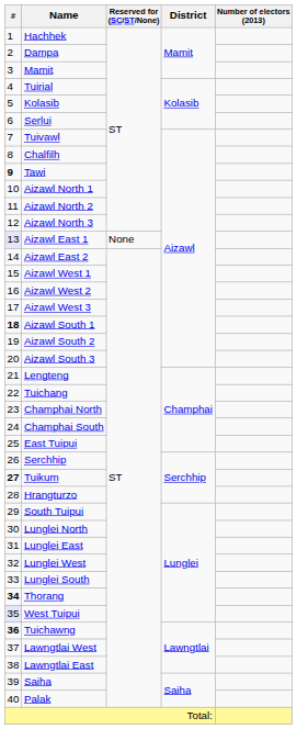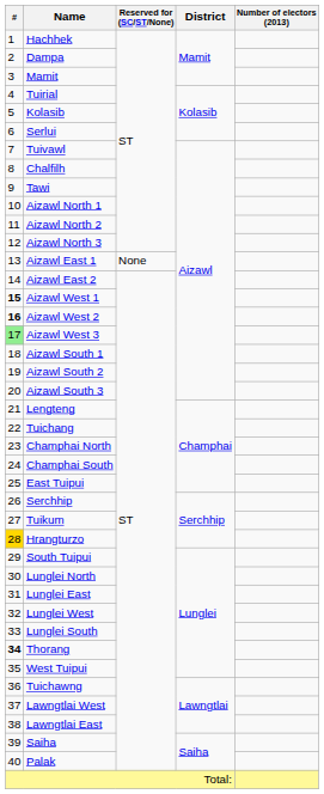 <table class="wikitable sortable collapsible collapsed">
 <tr>
 <th style="font-size:75%">#</th>
 <th>Name</th>
 <th style="font-size:75%">Reserved for<br>(<a href='#'>SC</a>/<a href='#'>ST</a>/None)</th>
 <th>District</th>
 <th style="font-size:75%">Number of electors<br>(2013)</th>
 </tr>
 <tr>
 <td>1</td>
 <td><a href='#'>Hachhek</a></td>
 <td rowspan="12">ST</td>
 <td rowspan="3"><a href='#'>Mamit</a></td>
 <td></td>
 </tr>
 <tr>
 <td>2</td>
 <td><a href='#'>Dampa</a></td>
 <td></td>
 </tr>
 <tr>
 <td>3</td>
 <td><a href='#'>Mamit</a></td>
 <td></td>
 </tr>
 <tr>
 <td>4</td>
 <td><a href='#'>Tuirial</a></td>
 <td rowspan="3"><a href='#'>Kolasib</a></td>
 <td></td>
 </tr>
 <tr>
 <td>5</td>
 <td><a href='#'>Kolasib</a></td>
 <td></td>
 </tr>
 <tr>
 <td>6</td>
 <td><a href='#'>Serlui</a></td>
 <td></td>
 </tr>
 <tr>
 <td>7</td>
 <td><a href='#'>Tuivawl</a></td>
 <td rowspan="14"><a href='#'>Aizawl</a></td>
 <td></td>
 </tr>
 <tr>
 <td>8</td>
 <td><a href='#'>Chalfilh</a></td>
 <td></td>
 </tr>
 <tr>
-<td><strong>9</strong></td>
+<td>9</td>
 <td><a href='#'>Tawi</a></td>
 <td></td>
 </tr>
 <tr>
 <td>10</td>
 <td><a href='#'>Aizawl North 1</a></td>
 <td></td>
 </tr>
 <tr>
 <td>11</td>
 <td><a href='#'>Aizawl North 2</a></td>
 <td></td>
 </tr>
 <tr>
 <td>12</td>
 <td><a href='#'>Aizawl North 3</a></td>
 <td></td>
 </tr>
 <tr>
-<td style="background: lavender;">13</td>
+<td>13</td>
 <td><a href='#'>Aizawl East 1</a></td>
 <td>None</td>
 <td></td>
 </tr>
 <tr>
 <td>14</td>
 <td><a href='#'>Aizawl East 2</a></td>
 <td rowspan="27">ST</td>
 <td></td>
 </tr>
 <tr>
-<td>15</td>
+<td><strong>15</strong></td>
 <td><a href='#'>Aizawl West 1</a></td>
 <td></td>
 </tr>
 <tr>
-<td>16</td>
+<td><strong>16</strong></td>
 <td><a href='#'>Aizawl West 2</a></td>
 <td></td>
 </tr>
 <tr>
-<td>17</td>
+<td style="background: lightgreen;">17</td>
 <td><a href='#'>Aizawl West 3</a></td>
 <td></td>
 </tr>
 <tr>
-<td><strong>18</strong></td>
+<td>18</td>
 <td><a href='#'>Aizawl South 1</a></td>
 <td></td>
 </tr>
 <tr>
 <td>19</td>
 <td><a href='#'>Aizawl South 2</a></td>
 <td></td>
 </tr>
 <tr>
 <td>20</td>
 <td><a href='#'>Aizawl South 3</a></td>
 <td></td>
 </tr>
 <tr>
 <td>21</td>
 <td><a href='#'>Lengteng</a></td>
 <td rowspan="5"><a href='#'>Champhai</a></td>
 <td></td>
 </tr>
 <tr>
 <td>22</td>
 <td><a href='#'>Tuichang</a></td>
 <td></td>
 </tr>
 <tr>
 <td>23</td>
 <td><a href='#'>Champhai North</a></td>
 <td></td>
 </tr>
 <tr>
 <td>24</td>
 <td><a href='#'>Champhai South</a></td>
 <td></td>
 </tr>
 <tr>
 <td>25</td>
 <td><a href='#'>East Tuipui</a></td>
 <td></td>
 </tr>
 <tr>
 <td>26</td>
 <td><a href='#'>Serchhip</a></td>
 <td rowspan="3"><a href='#'>Serchhip</a></td>
 <td></td>
 </tr>
 <tr>
-<td><strong>27</strong></td>
+<td>27</td>
 <td><a href='#'>Tuikum</a></td>
 <td></td>
 </tr>
 <tr>
-<td>28</td>
+<td style="background: gold;">28</td>
 <td><a href='#'>Hrangturzo</a></td>
 <td></td>
 </tr>
 <tr>
 <td>29</td>
 <td><a href='#'>South Tuipui</a></td>
 <td rowspan="7"><a href='#'>Lunglei</a></td>
 <td></td>
 </tr>
 <tr>
 <td>30</td>
 <td><a href='#'>Lunglei North</a></td>
 <td></td>
 </tr>
 <tr>
 <td>31</td>
 <td><a href='#'>Lunglei East</a></td>
 <td></td>
 </tr>
 <tr>
 <td>32</td>
 <td><a href='#'>Lunglei West</a></td>
 <td></td>
 </tr>
 <tr>
 <td>33</td>
 <td><a href='#'>Lunglei South</a></td>
 <td></td>
 </tr>
 <tr>
 <td><strong>34</strong></td>
 <td><a href='#'>Thorang</a></td>
 <td></td>
 </tr>
 <tr>
-<td style="background: lavender;">35</td>
+<td>35</td>
 <td><a href='#'>West Tuipui</a></td>
 <td></td>
 </tr>
 <tr>
-<td><strong>36</strong></td>
+<td>36</td>
 <td><a href='#'>Tuichawng</a></td>
 <td rowspan="3"><a href='#'>Lawngtlai</a></td>
 <td></td>
 </tr>
 <tr>
 <td>37</td>
 <td><a href='#'>Lawngtlai West</a></td>
 <td></td>
 </tr>
 <tr>
 <td>38</td>
 <td><a href='#'>Lawngtlai East</a></td>
 <td></td>
 </tr>
 <tr>
 <td>39</td>
 <td><a href='#'>Saiha</a></td>
 <td rowspan="2"><a href='#'>Saiha</a></td>
 <td></td>
 </tr>
 <tr>
 <td>40</td>
 <td><a href='#'>Palak</a></td>
 <td></td>
 </tr>
 <tr>
 <td colspan="4" align="right" bgcolor="fff999">Total:</td>
 <td bgcolor="fff999"></td>
 </tr>
 </table>
